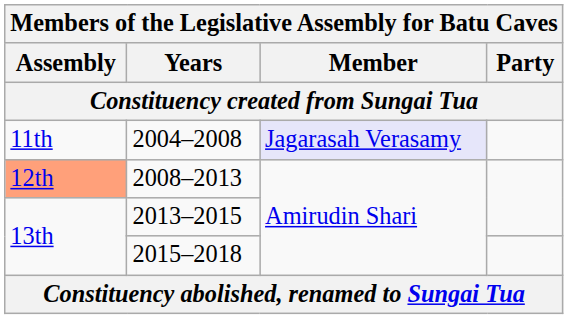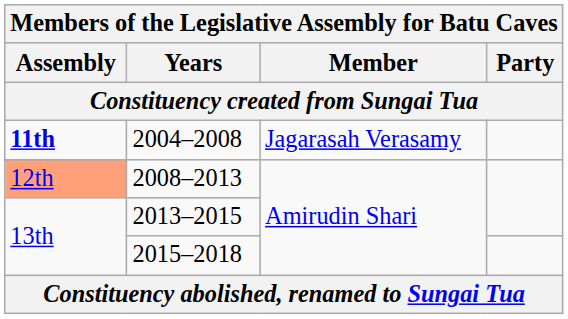 <table class="wikitable">
 <tr>
 <th colspan="4">Members of the Legislative Assembly for Batu Caves</th>
 </tr>
 <tr>
 <th>Assembly</th>
 <th>Years</th>
 <th>Member</th>
 <th>Party</th>
 </tr>
 <tr>
 <th colspan="4" align="center"><em>Constituency created from Sungai Tua</em></th>
 </tr>
 <tr>
-<td><a href='#'>11th</a></td>
+<td><strong><a href='#'>11th</a></strong></td>
 <td>2004–2008</td>
-<td style="background: lavender;"><a href='#'>Jagarasah Verasamy</a></td>
+<td><a href='#'>Jagarasah Verasamy</a></td>
 <td bgcolor=></td>
 </tr>
 <tr>
 <td style="background: lightsalmon;"><a href='#'>12th</a></td>
 <td>2008–2013</td>
 <td rowspan=3><a href='#'>Amirudin Shari</a></td>
 <td rowspan="2" bgcolor=></td>
 </tr>
 <tr>
 <td rowspan=2><a href='#'>13th</a></td>
 <td>2013–2015</td>
 </tr>
 <tr>
 <td>2015–2018</td>
 <td bgcolor=></td>
 </tr>
 <tr>
 <th colspan="4" align="center"><em>Constituency abolished, renamed to <a href='#'>Sungai Tua</a></em></th>
 </tr>
 </table>
